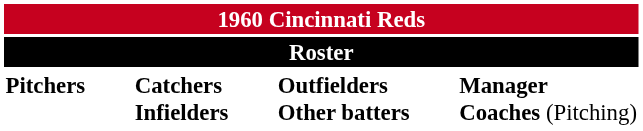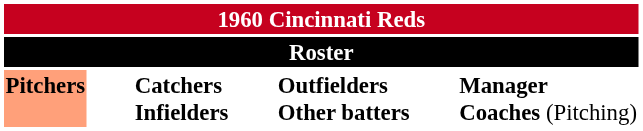 <table class="toccolours" style="font-size: 95%;">
 <tr>
 <th colspan="10" style="background-color: #c6011f; color: white; text-align: center;">1960 Cincinnati Reds</th>
 </tr>
 <tr>
 <td colspan="10" style="background-color: black; color: white; text-align: center;"><strong>Roster</strong></td>
 </tr>
 <tr>
-<td valign="top"><strong>Pitchers</strong><br>                </td>
+<td valign="top" style="background: lightsalmon;"><strong>Pitchers</strong><br>                </td>
 <td width="25px"></td>
 <td valign="top"><strong>Catchers</strong><br>    <strong>Infielders</strong>            </td>
 <td width="25px"></td>
 <td valign="top"><strong>Outfielders</strong><br>       <strong>Other batters</strong> </td>
 <td width="25px"></td>
 <td valign="top"><strong>Manager</strong><br> <strong>Coaches</strong>  (Pitching)   </td>
 </tr>
 </table>
